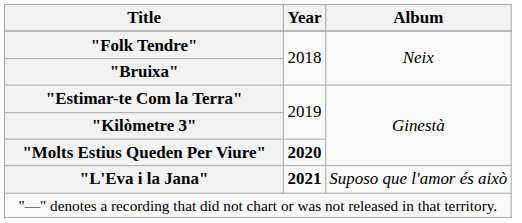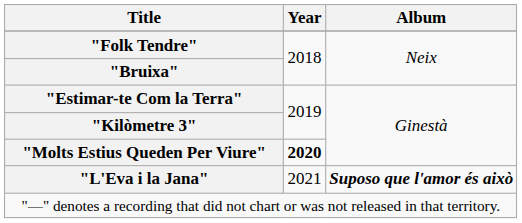 <table class="wikitable plainrowheaders" style="text-align:center;">
 <tr>
 <th scope="col" rowspan="1" style="width:16em;">Title</th>
 <th scope="col" rowspan="1">Year</th>
 <th scope="col" rowspan="1">Album</th>
 </tr>
 <tr>
 </tr>
 <tr>
 <th scope="row">"Folk Tendre"</th>
 <td rowspan="2">2018</td>
 <td rowspan="2"><em>Neix</em></td>
 </tr>
 <tr>
 <th scope="row">"Bruixa"</th>
 </tr>
 <tr>
 <th scope="row">"Estimar-te Com la Terra"</th>
 <td rowspan="2">2019</td>
 <td rowspan="3"><em>Ginestà</em></td>
 </tr>
 <tr>
 <th scope="row">"Kilòmetre 3"</th>
 </tr>
 <tr>
 <th scope="row">"Molts Estius Queden Per Viure"</th>
 <td><strong>2020</strong></td>
 </tr>
 <tr>
 <th scope="row">"L'Eva i la Jana"</th>
-<td><strong>2021</strong></td>
-<td><em>Suposo que l'amor és això</em></td>
+<td>2021</td>
+<td><strong><em>Suposo que l'amor és això</em></strong></td>
 </tr>
 <tr>
 <td colspan="8" style="font-size:90%">"—" denotes a recording that did not chart or was not released in that territory.</td>
 </tr>
 </table>
